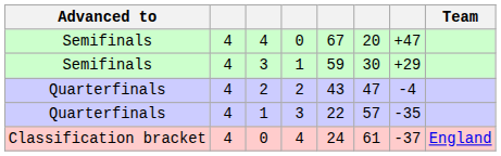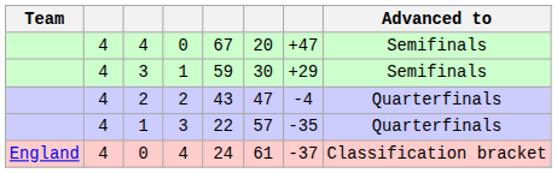 <table class="wikitable" style="text-align:center;">
 <tr>
-<th>Advanced to</th>
+<th>Team</th>
 <th width=25></th>
 <th width=25></th>
 <th width=25></th>
 <th width=25></th>
 <th width=25></th>
 <th width=25></th>
-<th>Team</th>
+<th>Advanced to</th>
 </tr>
 <tr bgcolor=#cfc>
-<td>Semifinals</td>
+<td align=left></td>
 <td>4</td>
 <td>4</td>
 <td>0</td>
 <td>67</td>
 <td>20</td>
 <td>+47</td>
-<td align=left></td>
+<td>Semifinals</td>
 </tr>
 <tr bgcolor=#cfc>
-<td>Semifinals</td>
+<td align=left></td>
 <td>4</td>
 <td>3</td>
 <td>1</td>
 <td>59</td>
 <td>30</td>
 <td>+29</td>
-<td align=left></td>
+<td>Semifinals</td>
 </tr>
 <tr bgcolor=#ccf>
-<td>Quarterfinals</td>
+<td align=left></td>
 <td>4</td>
 <td>2</td>
 <td>2</td>
 <td>43</td>
 <td>47</td>
 <td>-4</td>
-<td align=left></td>
+<td>Quarterfinals</td>
 </tr>
 <tr bgcolor=#ccf>
-<td>Quarterfinals</td>
+<td align=left></td>
 <td>4</td>
 <td>1</td>
 <td>3</td>
 <td>22</td>
 <td>57</td>
 <td>-35</td>
-<td align=left></td>
+<td>Quarterfinals</td>
 </tr>
 <tr bgcolor=#fcc>
-<td>Classification bracket</td>
+<td align=left> <a href='#'>England</a></td>
 <td>4</td>
 <td>0</td>
 <td>4</td>
 <td>24</td>
 <td>61</td>
 <td>-37</td>
-<td align=left> <a href='#'>England</a></td>
+<td>Classification bracket</td>
 </tr>
 </table>
